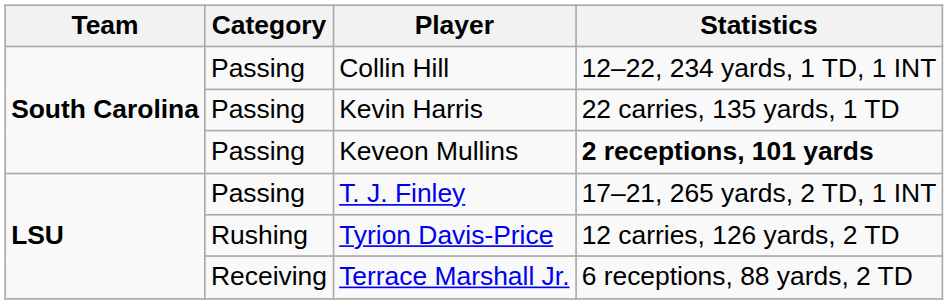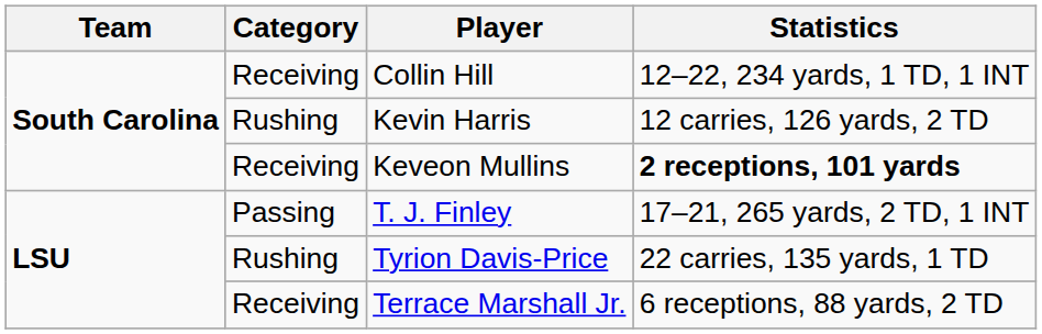 <table class="wikitable" style="float: right;">
 <tr>
 <th>Team</th>
 <th>Category</th>
 <th>Player</th>
 <th>Statistics</th>
 </tr>
 <tr>
 <td rowspan=3><strong>South Carolina</strong></td>
-<td>Passing</td>
+<td>Receiving</td>
 <td>Collin Hill</td>
 <td>12–22, 234 yards, 1 TD, 1 INT</td>
 </tr>
 <tr>
-<td>Passing</td>
+<td>Rushing</td>
 <td>Kevin Harris</td>
-<td>22 carries, 135 yards, 1 TD</td>
+<td>12 carries, 126 yards, 2 TD</td>
 </tr>
 <tr>
-<td>Passing</td>
+<td>Receiving</td>
 <td>Keveon Mullins</td>
 <td><strong>2 receptions, 101 yards</strong></td>
 </tr>
 <tr>
 <td rowspan=3><strong>LSU</strong></td>
 <td>Passing</td>
 <td><a href='#'>T. J. Finley</a></td>
 <td>17–21, 265 yards, 2 TD, 1 INT</td>
 </tr>
 <tr>
 <td>Rushing</td>
 <td><a href='#'>Tyrion Davis-Price</a></td>
-<td>12 carries, 126 yards, 2 TD</td>
+<td>22 carries, 135 yards, 1 TD</td>
 </tr>
 <tr>
 <td>Receiving</td>
 <td><a href='#'>Terrace Marshall Jr.</a></td>
 <td>6 receptions, 88 yards, 2 TD</td>
 </tr>
 </table>
